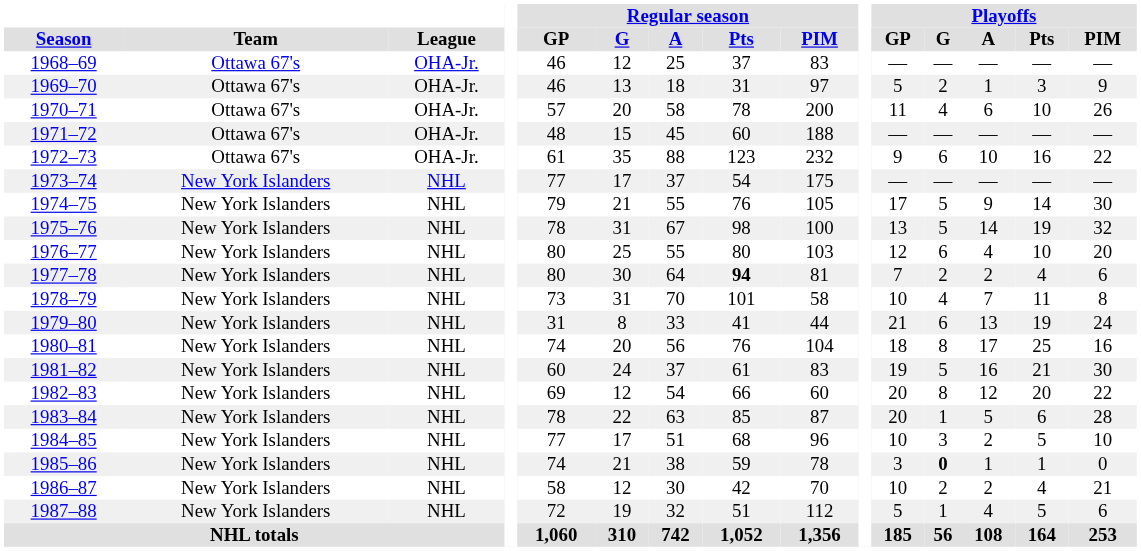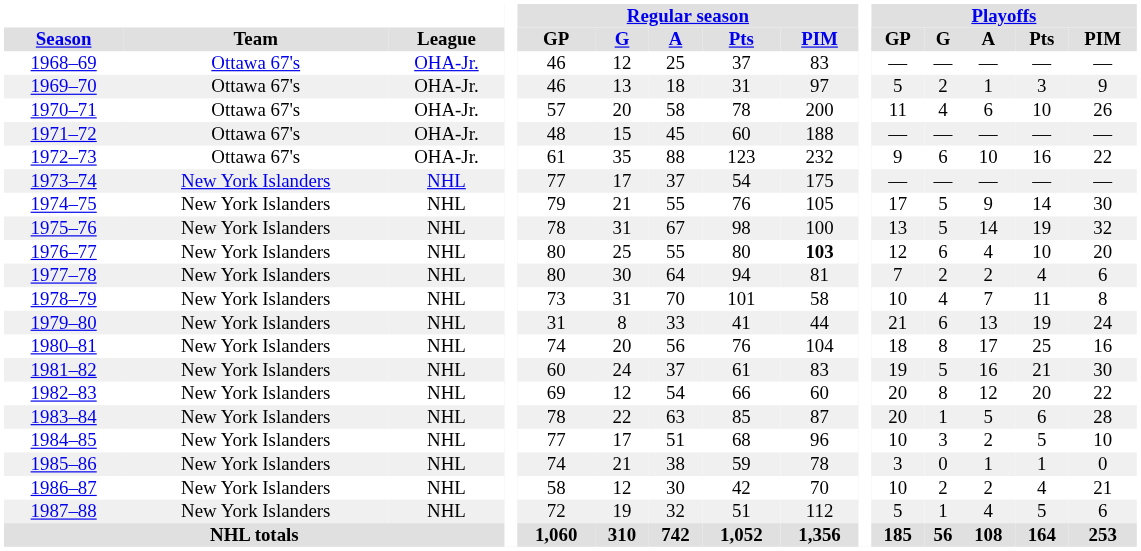 <table border="0" cellpadding="1" cellspacing="0" style="text-align:center; width:60em">
 <tr bgcolor="#e0e0e0">
 <th colspan="3" bgcolor="#ffffff"> </th>
 <th rowspan="99" bgcolor="#ffffff"> </th>
 <th colspan="5"><a href='#'>Regular season</a></th>
 <th rowspan="99" bgcolor="#ffffff"> </th>
 <th colspan="5"><a href='#'>Playoffs</a></th>
 </tr>
 <tr bgcolor="#e0e0e0">
 <th><a href='#'>Season</a></th>
 <th>Team</th>
 <th>League</th>
 <th>GP</th>
 <th><a href='#'>G</a></th>
 <th><a href='#'>A</a></th>
 <th><a href='#'>Pts</a></th>
 <th><a href='#'>PIM</a></th>
 <th>GP</th>
 <th>G</th>
 <th>A</th>
 <th>Pts</th>
 <th>PIM</th>
 </tr>
 <tr>
 <td><a href='#'>1968–69</a></td>
 <td><a href='#'>Ottawa 67's</a></td>
 <td><a href='#'>OHA-Jr.</a></td>
 <td>46</td>
 <td>12</td>
 <td>25</td>
 <td>37</td>
 <td>83</td>
 <td>—</td>
 <td>—</td>
 <td>—</td>
 <td>—</td>
 <td>—</td>
 </tr>
 <tr bgcolor="#f0f0f0">
 <td><a href='#'>1969–70</a></td>
 <td>Ottawa 67's</td>
 <td>OHA-Jr.</td>
 <td>46</td>
 <td>13</td>
 <td>18</td>
 <td>31</td>
 <td>97</td>
 <td>5</td>
 <td>2</td>
 <td>1</td>
 <td>3</td>
 <td>9</td>
 </tr>
 <tr>
 <td><a href='#'>1970–71</a></td>
 <td>Ottawa 67's</td>
 <td>OHA-Jr.</td>
 <td>57</td>
 <td>20</td>
 <td>58</td>
 <td>78</td>
 <td>200</td>
 <td>11</td>
 <td>4</td>
 <td>6</td>
 <td>10</td>
 <td>26</td>
 </tr>
 <tr bgcolor="#f0f0f0">
 <td><a href='#'>1971–72</a></td>
 <td>Ottawa 67's</td>
 <td>OHA-Jr.</td>
 <td>48</td>
 <td>15</td>
 <td>45</td>
 <td>60</td>
 <td>188</td>
 <td>—</td>
 <td>—</td>
 <td>—</td>
 <td>—</td>
 <td>—</td>
 </tr>
 <tr>
 <td><a href='#'>1972–73</a></td>
 <td>Ottawa 67's</td>
 <td>OHA-Jr.</td>
 <td>61</td>
 <td>35</td>
 <td>88</td>
 <td>123</td>
 <td>232</td>
 <td>9</td>
 <td>6</td>
 <td>10</td>
 <td>16</td>
 <td>22</td>
 </tr>
 <tr bgcolor="#f0f0f0">
 <td><a href='#'>1973–74</a></td>
 <td><a href='#'>New York Islanders</a></td>
 <td><a href='#'>NHL</a></td>
 <td>77</td>
 <td>17</td>
 <td>37</td>
 <td>54</td>
 <td>175</td>
 <td>—</td>
 <td>—</td>
 <td>—</td>
 <td>—</td>
 <td>—</td>
 </tr>
 <tr>
 <td><a href='#'>1974–75</a></td>
 <td>New York Islanders</td>
 <td>NHL</td>
 <td>79</td>
 <td>21</td>
 <td>55</td>
 <td>76</td>
 <td>105</td>
 <td>17</td>
 <td>5</td>
 <td>9</td>
 <td>14</td>
 <td>30</td>
 </tr>
 <tr bgcolor="#f0f0f0">
 <td><a href='#'>1975–76</a></td>
 <td>New York Islanders</td>
 <td>NHL</td>
 <td>78</td>
 <td>31</td>
 <td>67</td>
 <td>98</td>
 <td>100</td>
 <td>13</td>
 <td>5</td>
 <td>14</td>
 <td>19</td>
 <td>32</td>
 </tr>
 <tr>
 <td><a href='#'>1976–77</a></td>
 <td>New York Islanders</td>
 <td>NHL</td>
 <td>80</td>
 <td>25</td>
 <td>55</td>
 <td>80</td>
-<td>103</td>
+<td><strong>103</strong></td>
 <td>12</td>
 <td>6</td>
 <td>4</td>
 <td>10</td>
 <td>20</td>
 </tr>
 <tr bgcolor="#f0f0f0">
 <td><a href='#'>1977–78</a></td>
 <td>New York Islanders</td>
 <td>NHL</td>
 <td>80</td>
 <td>30</td>
 <td>64</td>
-<td><strong>94</strong></td>
+<td>94</td>
 <td>81</td>
 <td>7</td>
 <td>2</td>
 <td>2</td>
 <td>4</td>
 <td>6</td>
 </tr>
 <tr>
 <td><a href='#'>1978–79</a></td>
 <td>New York Islanders</td>
 <td>NHL</td>
 <td>73</td>
 <td>31</td>
 <td>70</td>
 <td>101</td>
 <td>58</td>
 <td>10</td>
 <td>4</td>
 <td>7</td>
 <td>11</td>
 <td>8</td>
 </tr>
 <tr bgcolor="#f0f0f0">
 <td><a href='#'>1979–80</a></td>
 <td>New York Islanders</td>
 <td>NHL</td>
 <td>31</td>
 <td>8</td>
 <td>33</td>
 <td>41</td>
 <td>44</td>
 <td>21</td>
 <td>6</td>
 <td>13</td>
 <td>19</td>
 <td>24</td>
 </tr>
 <tr>
 <td><a href='#'>1980–81</a></td>
 <td>New York Islanders</td>
 <td>NHL</td>
 <td>74</td>
 <td>20</td>
 <td>56</td>
 <td>76</td>
 <td>104</td>
 <td>18</td>
 <td>8</td>
 <td>17</td>
 <td>25</td>
 <td>16</td>
 </tr>
 <tr bgcolor="#f0f0f0">
 <td><a href='#'>1981–82</a></td>
 <td>New York Islanders</td>
 <td>NHL</td>
 <td>60</td>
 <td>24</td>
 <td>37</td>
 <td>61</td>
 <td>83</td>
 <td>19</td>
 <td>5</td>
 <td>16</td>
 <td>21</td>
 <td>30</td>
 </tr>
 <tr>
 <td><a href='#'>1982–83</a></td>
 <td>New York Islanders</td>
 <td>NHL</td>
 <td>69</td>
 <td>12</td>
 <td>54</td>
 <td>66</td>
 <td>60</td>
 <td>20</td>
 <td>8</td>
 <td>12</td>
 <td>20</td>
 <td>22</td>
 </tr>
 <tr bgcolor="#f0f0f0">
 <td><a href='#'>1983–84</a></td>
 <td>New York Islanders</td>
 <td>NHL</td>
 <td>78</td>
 <td>22</td>
 <td>63</td>
 <td>85</td>
 <td>87</td>
 <td>20</td>
 <td>1</td>
 <td>5</td>
 <td>6</td>
 <td>28</td>
 </tr>
 <tr>
 <td><a href='#'>1984–85</a></td>
 <td>New York Islanders</td>
 <td>NHL</td>
 <td>77</td>
 <td>17</td>
 <td>51</td>
 <td>68</td>
 <td>96</td>
 <td>10</td>
 <td>3</td>
 <td>2</td>
 <td>5</td>
 <td>10</td>
 </tr>
 <tr bgcolor="#f0f0f0">
 <td><a href='#'>1985–86</a></td>
 <td>New York Islanders</td>
 <td>NHL</td>
 <td>74</td>
 <td>21</td>
 <td>38</td>
 <td>59</td>
 <td>78</td>
 <td>3</td>
-<td><strong>0</strong></td>
+<td>0</td>
 <td>1</td>
 <td>1</td>
 <td>0</td>
 </tr>
 <tr>
 <td><a href='#'>1986–87</a></td>
 <td>New York Islanders</td>
 <td>NHL</td>
 <td>58</td>
 <td>12</td>
 <td>30</td>
 <td>42</td>
 <td>70</td>
 <td>10</td>
 <td>2</td>
 <td>2</td>
 <td>4</td>
 <td>21</td>
 </tr>
 <tr bgcolor="#f0f0f0">
 <td><a href='#'>1987–88</a></td>
 <td>New York Islanders</td>
 <td>NHL</td>
 <td>72</td>
 <td>19</td>
 <td>32</td>
 <td>51</td>
 <td>112</td>
 <td>5</td>
 <td>1</td>
 <td>4</td>
 <td>5</td>
 <td>6</td>
 </tr>
 <tr bgcolor="#e0e0e0">
 <th colspan="3">NHL totals</th>
 <th>1,060</th>
 <th>310</th>
 <th>742</th>
 <th>1,052</th>
 <th>1,356</th>
 <th>185</th>
 <th>56</th>
 <th>108</th>
 <th>164</th>
 <th>253</th>
 </tr>
 </table>
